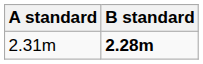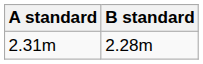 <table class="wikitable" border="1" align="upright">
 <tr>
 <th>A standard</th>
 <th>B standard</th>
 </tr>
 <tr>
 <td>2.31m</td>
-<td><strong>2.28m</strong></td>
+<td>2.28m</td>
 </tr>
 </table>
